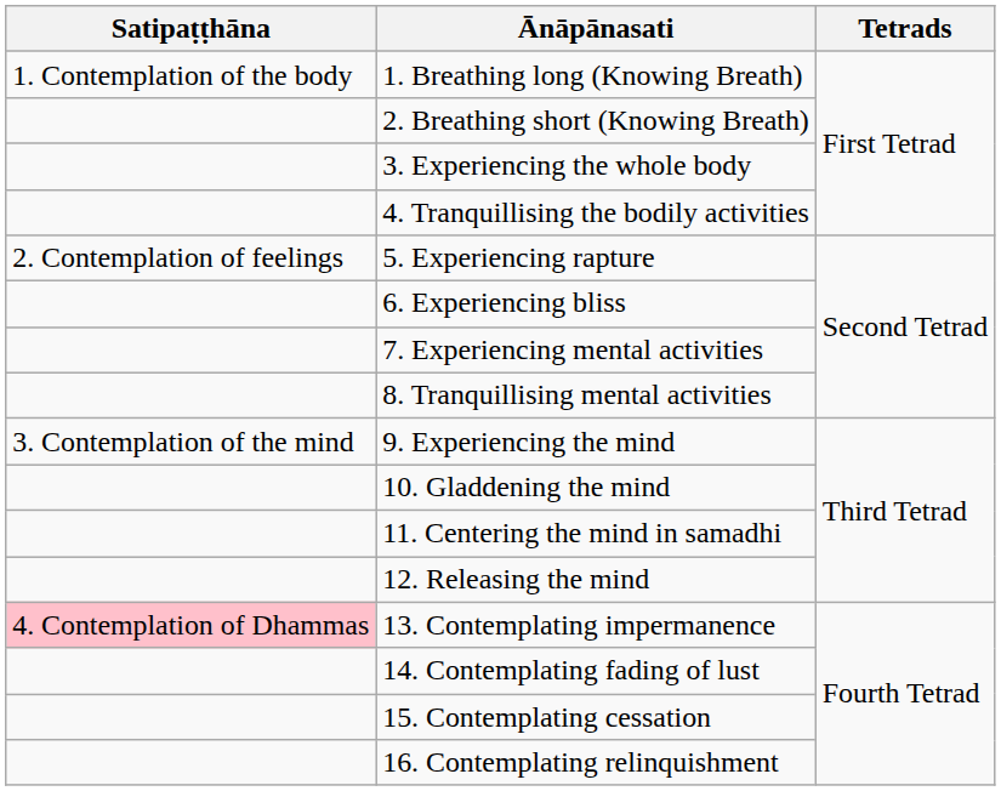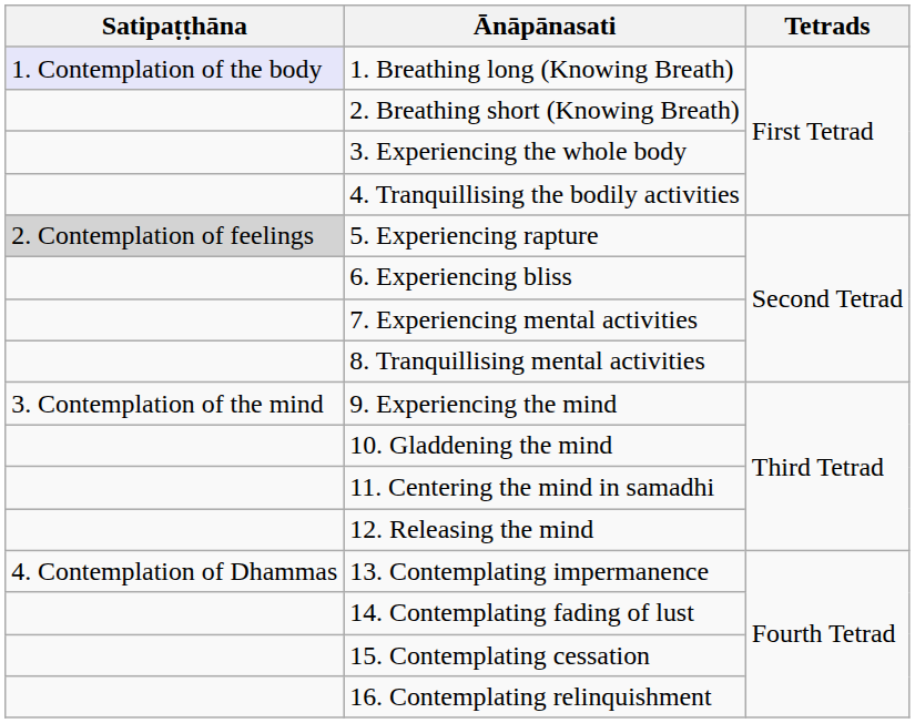 <table class="wikitable">
 <tr>
 <th>Satipaṭṭhāna</th>
 <th>Ānāpānasati</th>
 <th>Tetrads</th>
 </tr>
 <tr>
-<td>1. Contemplation of the body</td>
+<td style="background: lavender;">1. Contemplation of the body</td>
 <td>1. Breathing long (Knowing Breath)</td>
 <td rowspan=4>First Tetrad</td>
 </tr>
 <tr>
 <td> </td>
 <td>2. Breathing short (Knowing Breath)</td>
 </tr>
 <tr>
 <td> </td>
 <td>3. Experiencing the whole body</td>
 </tr>
 <tr>
 <td> </td>
 <td>4. Tranquillising the bodily activities</td>
 </tr>
 <tr>
-<td>2. Contemplation of feelings</td>
+<td style="background: lightgrey;">2. Contemplation of feelings</td>
 <td>5. Experiencing rapture</td>
 <td rowspan=4>Second Tetrad</td>
 </tr>
 <tr>
 <td> </td>
 <td>6. Experiencing bliss</td>
 </tr>
 <tr>
 <td> </td>
 <td>7. Experiencing mental activities</td>
 </tr>
 <tr>
 <td> </td>
 <td>8. Tranquillising mental activities</td>
 </tr>
 <tr>
 <td>3. Contemplation of the mind</td>
 <td>9. Experiencing the mind</td>
 <td rowspan=4>Third Tetrad</td>
 </tr>
 <tr>
 <td> </td>
 <td>10. Gladdening the mind</td>
 </tr>
 <tr>
 <td> </td>
 <td>11. Centering the mind in samadhi</td>
 </tr>
 <tr>
 <td> </td>
 <td>12. Releasing the mind</td>
 </tr>
 <tr>
-<td style="background: pink;">4. Contemplation of Dhammas</td>
+<td>4. Contemplation of Dhammas</td>
 <td>13. Contemplating impermanence</td>
 <td rowspan=4>Fourth Tetrad</td>
 </tr>
 <tr>
 <td> </td>
 <td>14. Contemplating fading of lust</td>
 </tr>
 <tr>
 <td> </td>
 <td>15. Contemplating cessation</td>
 </tr>
 <tr>
 <td> </td>
 <td>16. Contemplating relinquishment</td>
 </tr>
 </table>
